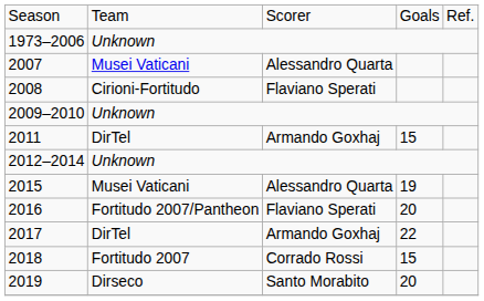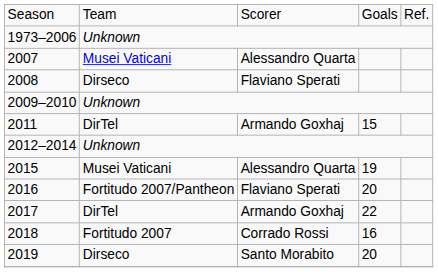 <table class="wikitable">
 <tr>
 <td>Season</td>
 <td>Team</td>
 <td>Scorer</td>
 <td>Goals</td>
 <td>Ref.</td>
 </tr>
 <tr>
 <td>1973–2006</td>
 <td colspan=4><em>Unknown</em></td>
 </tr>
 <tr>
 <td>2007</td>
 <td><a href='#'>Musei Vaticani</a></td>
 <td>Alessandro Quarta</td>
 <td></td>
 <td></td>
 </tr>
 <tr>
 <td>2008</td>
-<td>Cirioni-Fortitudo</td>
+<td>Dirseco</td>
 <td>Flaviano Sperati</td>
 <td></td>
 <td></td>
 </tr>
 <tr>
 <td>2009–2010</td>
 <td colspan=4><em>Unknown</em></td>
 </tr>
 <tr>
 <td>2011</td>
 <td>DirTel</td>
 <td>Armando Goxhaj</td>
 <td>15</td>
 <td></td>
 </tr>
 <tr>
 <td>2012–2014</td>
 <td colspan=4><em>Unknown</em></td>
 </tr>
 <tr>
 <td>2015</td>
 <td>Musei Vaticani</td>
 <td>Alessandro Quarta</td>
 <td>19</td>
 <td></td>
 </tr>
 <tr>
 <td>2016</td>
 <td>Fortitudo 2007/Pantheon</td>
 <td>Flaviano Sperati</td>
 <td>20</td>
 <td></td>
 </tr>
 <tr>
 <td>2017</td>
 <td>DirTel</td>
 <td>Armando Goxhaj</td>
 <td>22</td>
 <td></td>
 </tr>
 <tr>
 <td>2018</td>
 <td>Fortitudo 2007</td>
 <td>Corrado Rossi</td>
-<td>15</td>
+<td>16</td>
 <td></td>
 </tr>
 <tr>
 <td>2019</td>
 <td>Dirseco</td>
 <td>Santo Morabito</td>
 <td>20</td>
 <td></td>
 </tr>
 <tr>
 </tr>
 </table>
